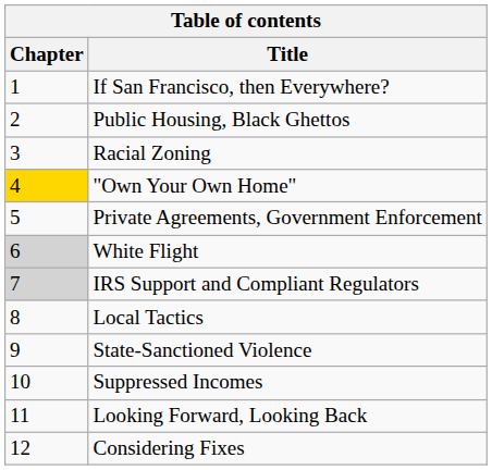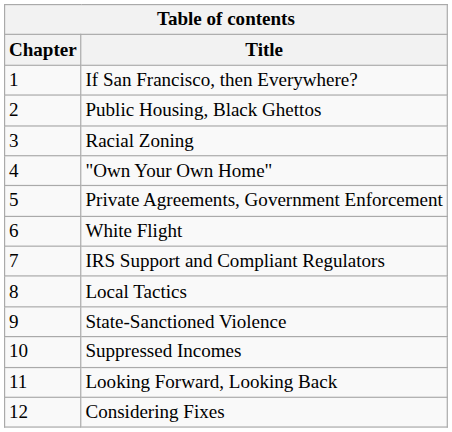 <table class="wikitable floatleft" style="width:auto; text-align:left;">
 <tr>
 <th colspan="2">Table of contents</th>
 </tr>
 <tr>
 <th><strong>Chapter</strong></th>
 <th><strong>Title</strong></th>
 </tr>
 <tr>
 <td>1</td>
 <td>If San Francisco, then Everywhere?</td>
 </tr>
 <tr>
 <td>2</td>
 <td>Public Housing, Black Ghettos</td>
 </tr>
 <tr>
 <td>3</td>
 <td>Racial Zoning</td>
 </tr>
 <tr>
-<td style="background: gold;">4</td>
+<td>4</td>
 <td>"Own Your Own Home"</td>
 </tr>
 <tr>
 <td>5</td>
 <td>Private Agreements, Government Enforcement</td>
 </tr>
 <tr>
-<td style="background: lightgrey;">6</td>
+<td>6</td>
 <td>White Flight</td>
 </tr>
 <tr>
-<td style="background: lightgrey;">7</td>
+<td>7</td>
 <td>IRS Support and Compliant Regulators</td>
 </tr>
 <tr>
 <td>8</td>
 <td>Local Tactics</td>
 </tr>
 <tr>
 <td>9</td>
 <td>State-Sanctioned Violence</td>
 </tr>
 <tr>
 <td>10</td>
 <td>Suppressed Incomes</td>
 </tr>
 <tr>
 <td>11</td>
 <td>Looking Forward, Looking Back</td>
 </tr>
 <tr>
 <td>12</td>
 <td>Considering Fixes</td>
 </tr>
 </table>
